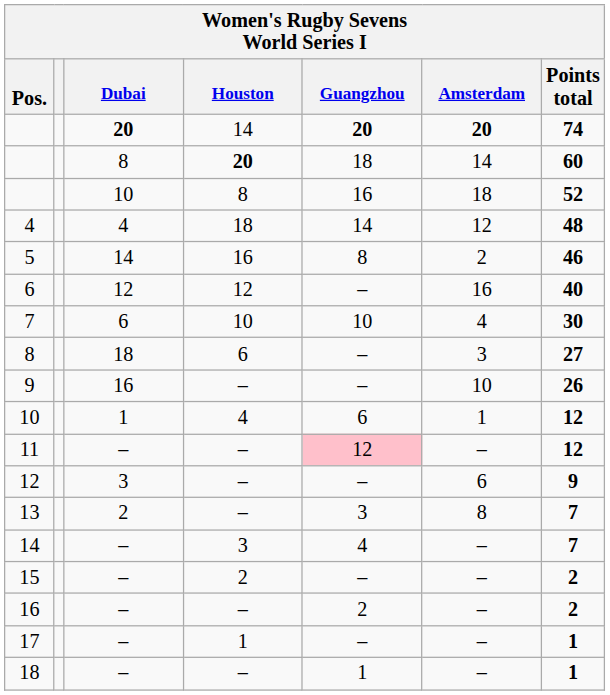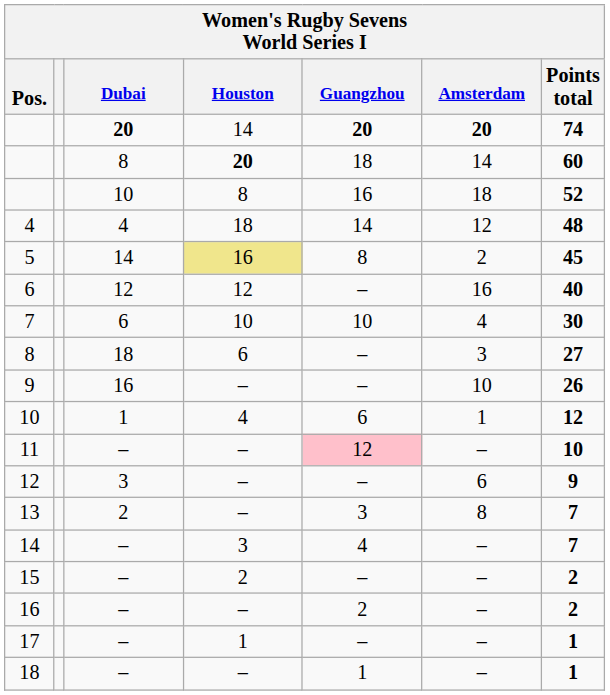 <table class="wikitable" style="text-align:center">
 <tr bgcolor="#efefef">
 <th colspan=13 style="border-right:0px;";>Women's Rugby Sevens<br>World Series I</th>
 </tr>
 <tr bgcolor="#efefef">
 <th style="width:2em;"><br>Pos.</th>
 <th></th>
 <th style="width:6.5em; vertical-align:top; font-size:85%;"><br><a href='#'>Dubai</a></th>
 <th style="width:6.5em; vertical-align:top; font-size:85%;"><br><a href='#'>Houston</a></th>
 <th style="width:6.5em; vertical-align:top; font-size:85%;"><br><a href='#'>Guangzhou</a></th>
 <th style="width:6.5em; vertical-align:top; font-size:85%;"><br><a href='#'>Amsterdam</a></th>
 <th>Points<br>total</th>
 </tr>
 <tr>
 <td></td>
 <td align=left></td>
 <td><strong>20</strong></td>
 <td>14</td>
 <td><strong>20</strong></td>
 <td><strong>20</strong></td>
 <td><strong>74</strong></td>
 </tr>
 <tr>
 <td></td>
 <td align=left></td>
 <td>8</td>
 <td><strong>20</strong></td>
 <td>18</td>
 <td>14</td>
 <td><strong>60</strong></td>
 </tr>
 <tr>
 <td></td>
 <td align=left></td>
 <td>10</td>
 <td>8</td>
 <td>16</td>
 <td>18</td>
 <td><strong>52</strong></td>
 </tr>
 <tr>
 <td>4</td>
 <td align=left></td>
 <td>4</td>
 <td>18</td>
 <td>14</td>
 <td>12</td>
 <td><strong>48</strong></td>
 </tr>
 <tr>
 <td>5</td>
 <td align=left></td>
 <td>14</td>
-<td>16</td>
+<td style="background: khaki;">16</td>
 <td>8</td>
 <td>2</td>
-<td><strong>46</strong></td>
+<td><strong>45</strong></td>
 </tr>
 <tr>
 <td>6</td>
 <td align=left></td>
 <td>12</td>
 <td>12</td>
 <td>–</td>
 <td>16</td>
 <td><strong>40</strong></td>
 </tr>
 <tr>
 <td>7</td>
 <td align=left></td>
 <td>6</td>
 <td>10</td>
 <td>10</td>
 <td>4</td>
 <td><strong>30</strong></td>
 </tr>
 <tr>
 <td>8</td>
 <td align=left></td>
 <td>18</td>
 <td>6</td>
 <td>–</td>
 <td>3</td>
 <td><strong>27</strong></td>
 </tr>
 <tr>
 <td>9</td>
 <td align=left></td>
 <td>16</td>
 <td>–</td>
 <td>–</td>
 <td>10</td>
 <td><strong>26</strong></td>
 </tr>
 <tr>
 <td>10</td>
 <td align=left></td>
 <td>1</td>
 <td>4</td>
 <td>6</td>
 <td>1</td>
 <td><strong>12</strong></td>
 </tr>
 <tr>
 <td>11</td>
 <td align=left></td>
 <td>–</td>
 <td>–</td>
 <td style="background: pink;">12</td>
 <td>–</td>
-<td><strong>12</strong></td>
+<td><strong>10</strong></td>
 </tr>
 <tr>
 <td>12</td>
 <td align=left></td>
 <td>3</td>
 <td>–</td>
 <td>–</td>
 <td>6</td>
 <td><strong>9</strong></td>
 </tr>
 <tr>
 <td>13</td>
 <td align=left></td>
 <td>2</td>
 <td>–</td>
 <td>3</td>
 <td>8</td>
 <td><strong>7</strong></td>
 </tr>
 <tr>
 <td>14</td>
 <td align=left></td>
 <td>–</td>
 <td>3</td>
 <td>4</td>
 <td>–</td>
 <td><strong>7</strong></td>
 </tr>
 <tr>
 <td>15</td>
 <td align=left></td>
 <td>–</td>
 <td>2</td>
 <td>–</td>
 <td>–</td>
 <td><strong>2</strong></td>
 </tr>
 <tr>
 <td>16</td>
 <td align=left></td>
 <td>–</td>
 <td>–</td>
 <td>2</td>
 <td>–</td>
 <td><strong>2</strong></td>
 </tr>
 <tr>
 <td>17</td>
 <td align=left></td>
 <td>–</td>
 <td>1</td>
 <td>–</td>
 <td>–</td>
 <td><strong>1</strong></td>
 </tr>
 <tr>
 <td>18</td>
 <td align=left></td>
 <td>–</td>
 <td>–</td>
 <td>1</td>
 <td>–</td>
 <td><strong>1</strong></td>
 </tr>
 </table>
